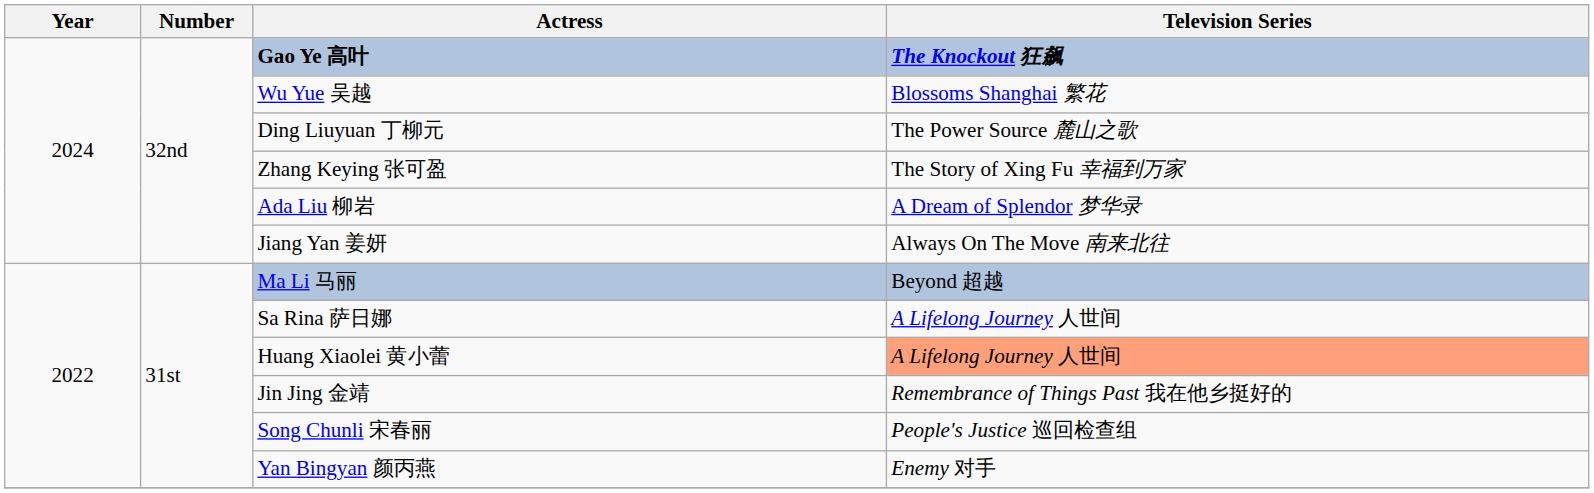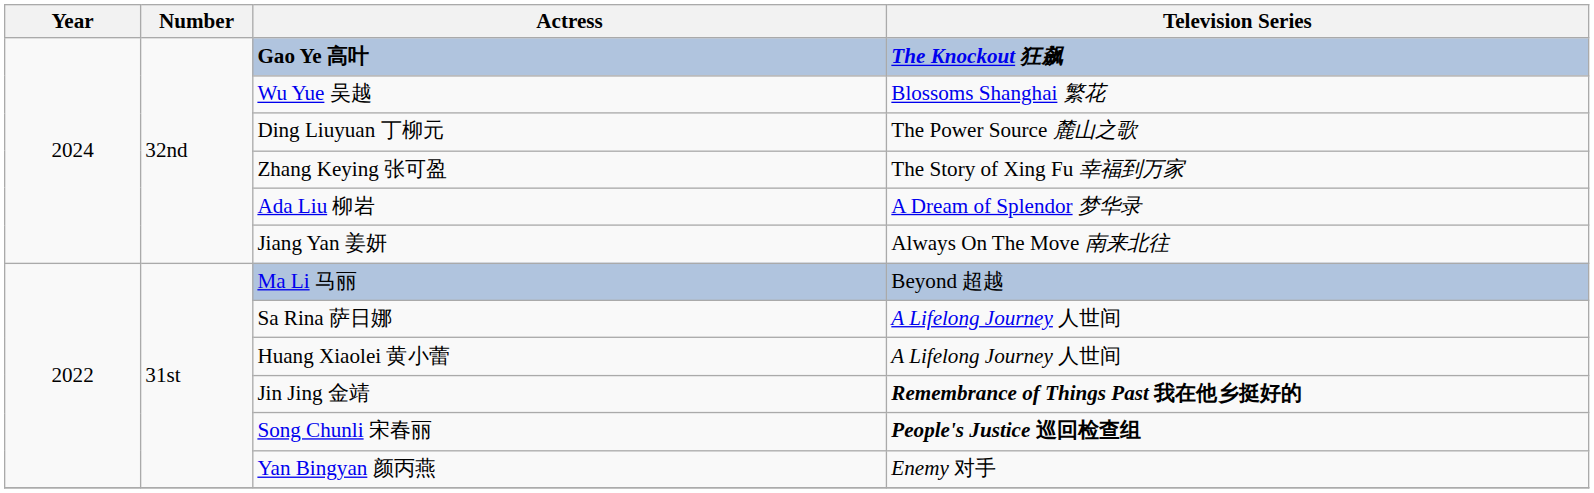 <table class="wikitable" width="95%" align="center">
 <tr>
 <th width="6%">Year</th>
 <th width="4%">Number</th>
 <th width="28%">Actress</th>
 <th width="31%">Television Series</th>
 </tr>
 <tr>
 <td rowspan="6" style="text-align:center;">2024</td>
 <td rowspan="6">32nd</td>
 <td style="background:#B0C4DE;"><strong>Gao Ye 高叶</strong></td>
 <td style="background:#B0C4DE;"><strong><em><a href='#'>The Knockout</a><em> 狂飙<strong></td>
 </tr>
 <tr>
 <td><a href='#'>Wu Yue</a> 吴越</td>
 <td></em><a href='#'>Blossoms Shanghai</a><em> 繁花</td>
 </tr>
 <tr>
 <td>Ding Liuyuan 丁柳元</td>
 <td></em>The Power Source<em> 麓山之歌</td>
 </tr>
 <tr>
 <td>Zhang Keying 张可盈</td>
 <td></em>The Story of Xing Fu<em> 幸福到万家</td>
 </tr>
 <tr>
 <td><a href='#'>Ada Liu</a> 柳岩</td>
 <td></em><a href='#'>A Dream of Splendor</a><em> 梦华录</td>
 </tr>
 <tr>
 <td>Jiang Yan 姜妍</td>
 <td></em>Always On The Move<em> 南来北往</td>
 </tr>
 <tr>
 <td rowspan="6" style="text-align:center;">2022</td>
 <td rowspan="6">31st</td>
 <td style="background:#B0C4DE;"></strong><a href='#'>Ma Li</a> 马丽<strong></td>
 <td style="background:#B0C4DE;"></em></strong>Beyond</em> 超越</strong></td>
 </tr>
 <tr>
 <td>Sa Rina 萨日娜</td>
 <td><em><a href='#'>A Lifelong Journey</a></em> 人世间</td>
 </tr>
 <tr>
 <td>Huang Xiaolei 黄小蕾</td>
-<td style="background: lightsalmon;"><em>A Lifelong Journey</em> 人世间</td>
+<td><em>A Lifelong Journey</em> 人世间</td>
 </tr>
 <tr>
 <td>Jin Jing 金靖</td>
-<td><em>Remembrance of Things Past</em> 我在他乡挺好的</td>
+<td><strong><em>Remembrance of Things Past</em> 我在他乡挺好的</strong></td>
 </tr>
 <tr>
 <td><a href='#'>Song Chunli</a> 宋春丽</td>
-<td><em>People's Justice</em> 巡回检查组</td>
+<td><strong><em>People's Justice</em> 巡回检查组</strong></td>
 </tr>
 <tr>
 <td><a href='#'>Yan Bingyan</a> 颜丙燕</td>
 <td><em>Enemy</em> 对手</td>
 </tr>
 <tr>
 </tr>
 </table>
